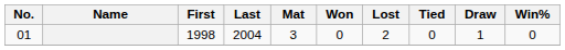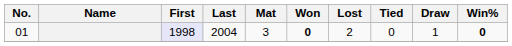 <table class="wikitable plainrowheaders">
 <tr>
 <th width="40" scope="col">No.</th>
 <th width="160" scope="col">Name</th>
 <th width="50" scope="col">First</th>
 <th width="50" scope="col">Last</th>
 <th width="50" scope="col">Mat</th>
 <th width="50" scope="col">Won</th>
 <th width="50" scope="col">Lost</th>
 <th width="50" scope="col">Tied</th>
 <th width="55" scope="col">Draw</th>
 <th width="60" scope="col">Win%</th>
 </tr>
 <tr align=center>
 <td><span>0</span>1</td>
 <th align=left scope="row"></th>
-<td>1998</td>
+<td style="background: lavender;">1998</td>
 <td>2004</td>
 <td>3</td>
-<td>0</td>
+<td><strong>0</strong></td>
 <td>2</td>
 <td>0</td>
 <td>1</td>
-<td>0</td>
+<td><strong>0</strong></td>
 </tr>
 <tr>
 </tr>
 </table>
